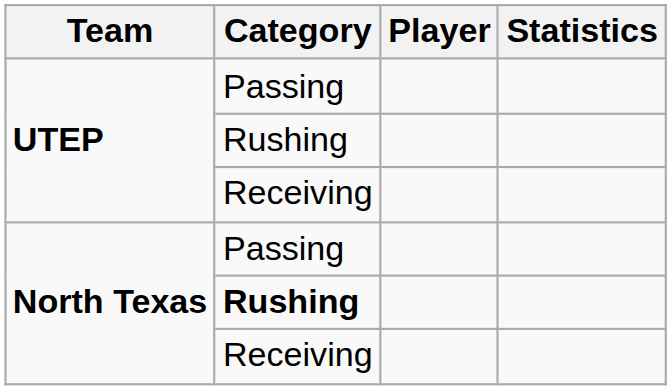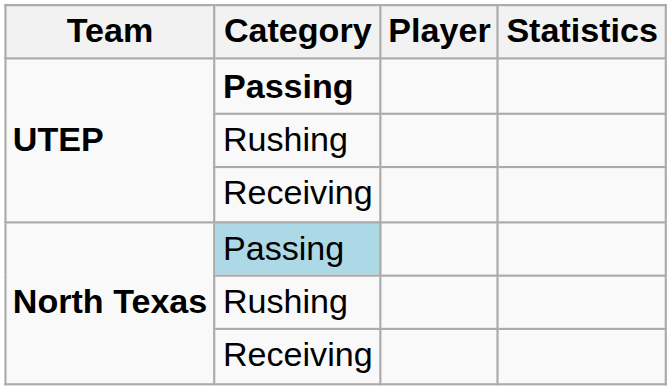 <table class="wikitable" style="float: right;">
 <tr>
 <th>Team</th>
 <th>Category</th>
 <th>Player</th>
 <th>Statistics</th>
 </tr>
 <tr>
 <td rowspan=3><strong>UTEP</strong></td>
-<td>Passing</td>
+<td><strong>Passing</strong></td>
 <td></td>
 <td></td>
 </tr>
 <tr>
 <td>Rushing</td>
 <td></td>
 <td></td>
 </tr>
 <tr>
 <td>Receiving</td>
 <td></td>
 <td></td>
 </tr>
 <tr>
 <td rowspan=3><strong>North Texas</strong></td>
-<td>Passing</td>
+<td style="background: lightblue;">Passing</td>
 <td></td>
 <td></td>
 </tr>
 <tr>
-<td><strong>Rushing</strong></td>
+<td>Rushing</td>
 <td></td>
 <td></td>
 </tr>
 <tr>
 <td>Receiving</td>
 <td></td>
 <td></td>
 </tr>
 </table>
